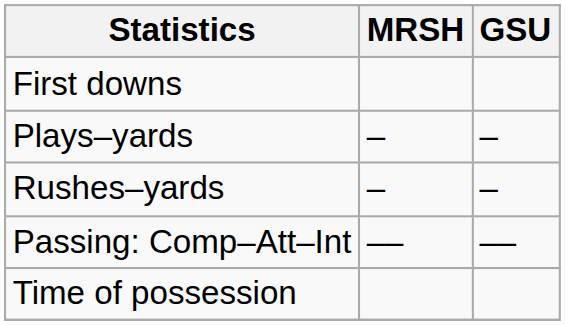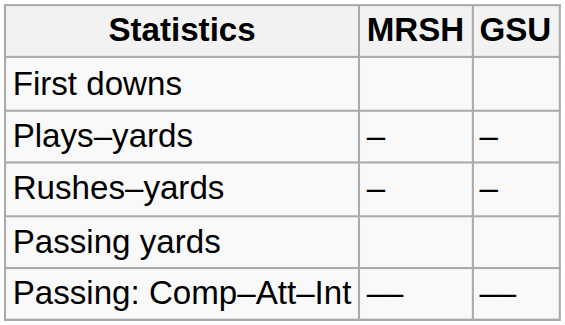 <table class="wikitable" style="float: left;">
 <tr>
 <th>Statistics</th>
 <th>MRSH</th>
 <th>GSU</th>
 </tr>
 <tr>
 <td>First downs</td>
 <td></td>
 <td></td>
 </tr>
 <tr>
 <td>Plays–yards</td>
 <td>–</td>
 <td>–</td>
 </tr>
 <tr>
 <td>Rushes–yards</td>
 <td>–</td>
 <td>–</td>
 </tr>
 <tr>
+<td>Passing yards</td>
+<td></td>
+<td></td>
+</tr>
+<tr>
 <td>Passing: Comp–Att–Int</td>
 <td>––</td>
 <td>––</td>
 </tr>
 <tr>
-<td>Time of possession</td>
-<td></td>
-<td></td>
-</tr>
-<tr>
 </tr>
 </table>
